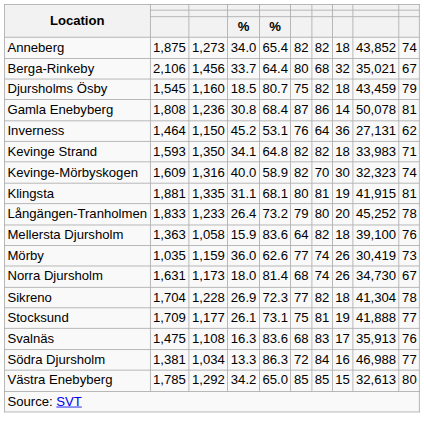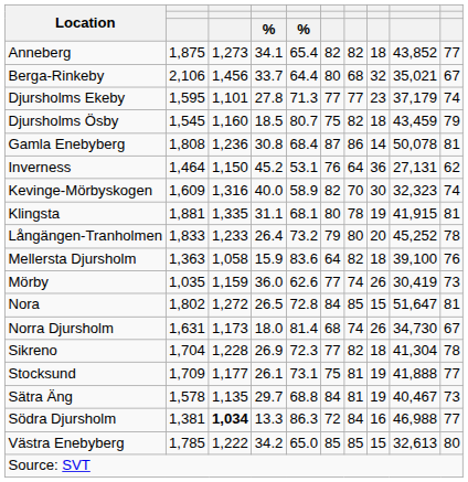 <table role="presentation" class="wikitable sortable mw-collapsible">
 <tr>
 <th rowspan="3">Location</th>
 <th></th>
 <th></th>
 <th></th>
 <th></th>
 <th></th>
 <th></th>
 <th></th>
 <th></th>
 <th></th>
 </tr>
 <tr>
 <th></th>
 <th></th>
 <th style="background:"></th>
 <th style="background:"></th>
 <th></th>
 <th></th>
 <th></th>
 <th></th>
 <th></th>
 </tr>
 <tr>
 <th data-sort-type="number"></th>
 <th data-sort-type="number"></th>
 <th data-sort-type="number">%</th>
 <th data-sort-type="number">%</th>
 <th data-sort-type="number"></th>
 <th data-sort-type="number"></th>
 <th data-sort-type="number"></th>
 <th data-sort-type="number"></th>
 <th data-sort-type="number"></th>
 </tr>
 <tr>
 <td align="left">Anneberg</td>
 <td>1,875</td>
 <td>1,273</td>
-<td>34.0</td>
+<td>34.1</td>
 <td>65.4</td>
 <td>82</td>
 <td>82</td>
 <td>18</td>
 <td>43,852</td>
-<td>74</td>
+<td>77</td>
 </tr>
 <tr>
 <td align="left">Berga-Rinkeby</td>
 <td>2,106</td>
 <td>1,456</td>
 <td>33.7</td>
 <td>64.4</td>
 <td>80</td>
 <td>68</td>
 <td>32</td>
 <td>35,021</td>
 <td>67</td>
+</tr>
+<tr>
+<td align="left">Djursholms Ekeby</td>
+<td>1,595</td>
+<td>1,101</td>
+<td>27.8</td>
+<td>71.3</td>
+<td>77</td>
+<td>77</td>
+<td>23</td>
+<td>37,179</td>
+<td>74</td>
 </tr>
 <tr>
 <td align="left">Djursholms Ösby</td>
 <td>1,545</td>
 <td>1,160</td>
 <td>18.5</td>
 <td>80.7</td>
 <td>75</td>
 <td>82</td>
 <td>18</td>
 <td>43,459</td>
 <td>79</td>
 </tr>
 <tr>
 <td align="left">Gamla Enebyberg</td>
 <td>1,808</td>
 <td>1,236</td>
 <td>30.8</td>
 <td>68.4</td>
 <td>87</td>
 <td>86</td>
 <td>14</td>
 <td>50,078</td>
 <td>81</td>
 </tr>
 <tr>
 <td align="left">Inverness</td>
 <td>1,464</td>
 <td>1,150</td>
 <td>45.2</td>
 <td>53.1</td>
 <td>76</td>
 <td>64</td>
 <td>36</td>
 <td>27,131</td>
 <td>62</td>
 </tr>
 <tr>
-<td align="left">Kevinge Strand</td>
-<td>1,593</td>
-<td>1,350</td>
-<td>34.1</td>
-<td>64.8</td>
-<td>82</td>
-<td>82</td>
-<td>18</td>
-<td>33,983</td>
-<td>71</td>
-</tr>
-<tr>
 <td align="left">Kevinge-Mörbyskogen</td>
 <td>1,609</td>
 <td>1,316</td>
 <td>40.0</td>
 <td>58.9</td>
 <td>82</td>
 <td>70</td>
 <td>30</td>
 <td>32,323</td>
 <td>74</td>
 </tr>
 <tr>
 <td align="left">Klingsta</td>
 <td>1,881</td>
 <td>1,335</td>
 <td>31.1</td>
 <td>68.1</td>
 <td>80</td>
-<td>81</td>
+<td>78</td>
 <td>19</td>
 <td>41,915</td>
 <td>81</td>
 </tr>
 <tr>
 <td align="left">Långängen-Tranholmen</td>
 <td>1,833</td>
 <td>1,233</td>
 <td>26.4</td>
 <td>73.2</td>
 <td>79</td>
 <td>80</td>
 <td>20</td>
 <td>45,252</td>
 <td>78</td>
 </tr>
 <tr>
 <td align="left">Mellersta Djursholm</td>
 <td>1,363</td>
 <td>1,058</td>
 <td>15.9</td>
 <td>83.6</td>
 <td>64</td>
 <td>82</td>
 <td>18</td>
 <td>39,100</td>
 <td>76</td>
 </tr>
 <tr>
 <td align="left">Mörby</td>
 <td>1,035</td>
 <td>1,159</td>
 <td>36.0</td>
 <td>62.6</td>
 <td>77</td>
 <td>74</td>
 <td>26</td>
 <td>30,419</td>
 <td>73</td>
 </tr>
 <tr>
+<td align="left">Nora</td>
+<td>1,802</td>
+<td>1,272</td>
+<td>26.5</td>
+<td>72.8</td>
+<td>84</td>
+<td>85</td>
+<td>15</td>
+<td>51,647</td>
+<td>81</td>
+</tr>
+<tr>
 <td align="left">Norra Djursholm</td>
 <td>1,631</td>
 <td>1,173</td>
 <td>18.0</td>
 <td>81.4</td>
 <td>68</td>
 <td>74</td>
 <td>26</td>
 <td>34,730</td>
 <td>67</td>
 </tr>
 <tr>
 <td align="left">Sikreno</td>
 <td>1,704</td>
 <td>1,228</td>
 <td>26.9</td>
 <td>72.3</td>
 <td>77</td>
 <td>82</td>
 <td>18</td>
 <td>41,304</td>
 <td>78</td>
 </tr>
 <tr>
 <td align="left">Stocksund</td>
 <td>1,709</td>
 <td>1,177</td>
 <td>26.1</td>
 <td>73.1</td>
 <td>75</td>
 <td>81</td>
 <td>19</td>
 <td>41,888</td>
 <td>77</td>
 </tr>
 <tr>
-<td align="left">Svalnäs</td>
-<td>1,475</td>
-<td>1,108</td>
-<td>16.3</td>
-<td>83.6</td>
-<td>68</td>
-<td>83</td>
-<td>17</td>
-<td>35,913</td>
-<td>76</td>
+<td align="left">Sätra Äng</td>
+<td>1,578</td>
+<td>1,135</td>
+<td>29.7</td>
+<td>68.8</td>
+<td>84</td>
+<td>81</td>
+<td>19</td>
+<td>40,467</td>
+<td>73</td>
 </tr>
 <tr>
 <td align="left">Södra Djursholm</td>
 <td>1,381</td>
-<td>1,034</td>
+<td><strong>1,034</strong></td>
 <td>13.3</td>
 <td>86.3</td>
 <td>72</td>
 <td>84</td>
 <td>16</td>
 <td>46,988</td>
 <td>77</td>
 </tr>
 <tr>
 <td align="left">Västra Enebyberg</td>
 <td>1,785</td>
-<td>1,292</td>
+<td>1,222</td>
 <td>34.2</td>
 <td>65.0</td>
 <td>85</td>
 <td>85</td>
 <td>15</td>
 <td>32,613</td>
 <td>80</td>
 </tr>
 <tr>
 <td colspan="10" align="left">Source: <a href='#'>SVT</a></td>
 </tr>
 </table>
